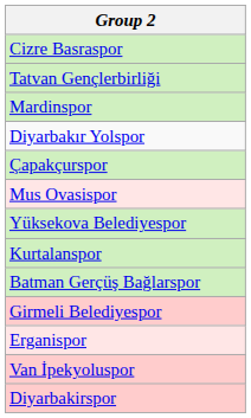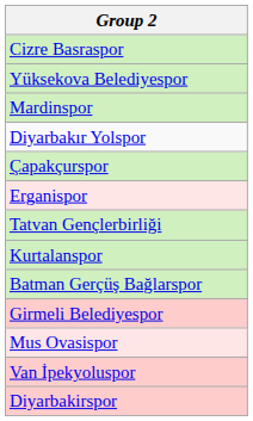 <table class="wikitable collapsible collapsed" style="font-size:95%;">
 <tr>
 <th colspan="1" width="200"><em>Group 2</em></th>
 </tr>
 <tr>
 <td style="background:#D0F0C0;"><a href='#'>Cizre Basraspor</a></td>
 </tr>
 <tr>
-<td style="background:#D0F0C0;"><a href='#'>Tatvan Gençlerbirliği</a></td>
+<td style="background:#D0F0C0;"><a href='#'>Yüksekova Belediyespor</a></td>
 </tr>
 <tr>
 <td style="background:#D0F0C0;"><a href='#'>Mardinspor</a></td>
 </tr>
 <tr>
 <td><a href='#'>Diyarbakır Yolspor</a></td>
 </tr>
 <tr>
 <td style="background:#D0F0C0;"><a href='#'>Çapakçurspor</a></td>
 </tr>
 <tr>
-<td style="background:#FFE6E6;"><a href='#'>Mus Ovasispor</a></td>
+<td style="background:#FFE6E6;"><a href='#'>Erganispor</a></td>
 </tr>
 <tr>
-<td style="background:#D0F0C0;"><a href='#'>Yüksekova Belediyespor</a></td>
+<td style="background:#D0F0C0;"><a href='#'>Tatvan Gençlerbirliği</a></td>
 </tr>
 <tr>
 <td style="background:#D0F0C0;"><a href='#'>Kurtalanspor</a></td>
 </tr>
 <tr>
 <td style="background:#D0F0C0;"><a href='#'>Batman Gerçüş Bağlarspor</a></td>
 </tr>
 <tr>
 <td style="background:#fcc;"><a href='#'>Girmeli Belediyespor</a></td>
 </tr>
 <tr>
-<td style="background:#FFE6E6;"><a href='#'>Erganispor</a></td>
+<td style="background:#FFE6E6;"><a href='#'>Mus Ovasispor</a></td>
 </tr>
 <tr>
 <td style="background:#fcc;"><a href='#'>Van İpekyoluspor</a></td>
 </tr>
 <tr>
 <td style="background:#fcc;"><a href='#'>Diyarbakirspor</a></td>
 </tr>
 </table>
